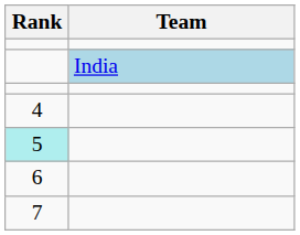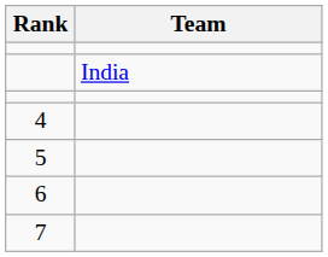 <table class="wikitable" style="text-align: center;">
 <tr>
 <th width=40>Rank</th>
 <th width=160>Team</th>
 </tr>
 <tr>
 <td></td>
 <td align=left></td>
 </tr>
 <tr>
 <td></td>
-<td align=left style="background: lightblue;"> <a href='#'>India</a></td>
+<td align=left> <a href='#'>India</a></td>
 </tr>
 <tr>
 <td></td>
 <td align=left></td>
 </tr>
 <tr>
 <td>4</td>
 <td align=left></td>
 </tr>
 <tr>
-<td style="background: paleturquoise;">5</td>
+<td>5</td>
 <td align=left></td>
 </tr>
 <tr>
 <td>6</td>
 <td align=left></td>
 </tr>
 <tr>
 <td>7</td>
 <td align=left></td>
 </tr>
 </table>
